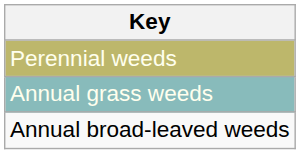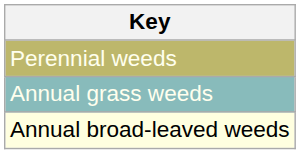 <table class="wikitable">
 <tr>
 <th>Key</th>
 </tr>
 <tr>
 <td style="background:#bdb76b; color:#ffe;">Perennial weeds</td>
 </tr>
 <tr>
 <td style="background:#88bbbb; color:#ffe;">Annual grass weeds</td>
 </tr>
 <tr>
-<td>Annual broad-leaved weeds</td>
+<td style="background: lightyellow;">Annual broad-leaved weeds</td>
 </tr>
 </table>
